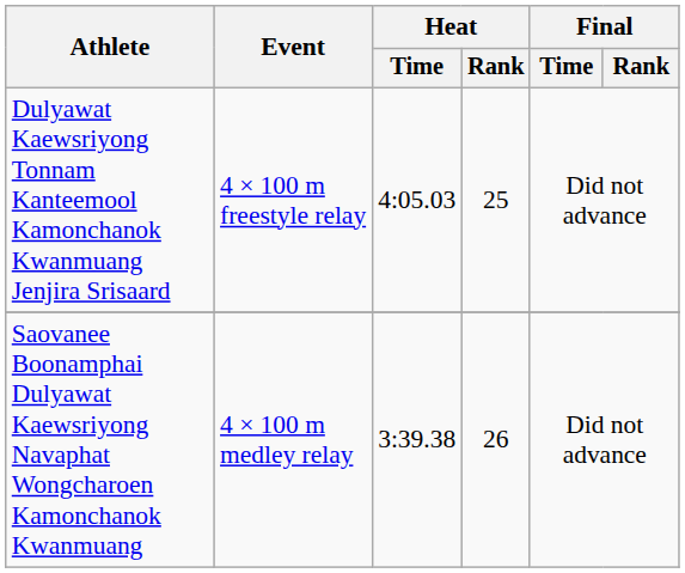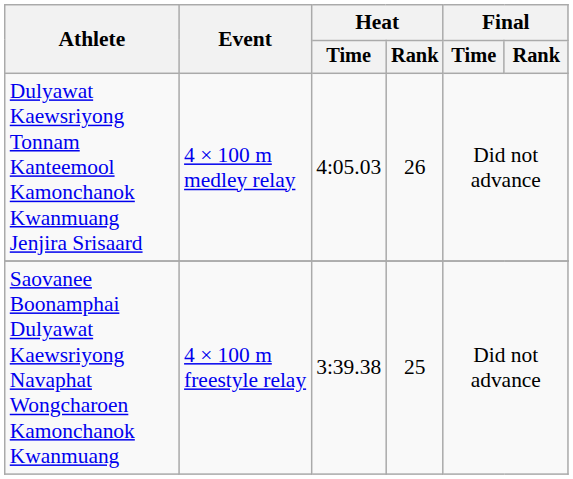 <table class="wikitable" style="text-align:center; font-size:90%; width:30%;">
 <tr>
 <th rowspan="2">Athlete</th>
 <th rowspan="2">Event</th>
 <th colspan="2">Heat</th>
 <th colspan="2">Final</th>
 </tr>
 <tr style="font-size:95%">
 <th>Time</th>
 <th>Rank</th>
 <th>Time</th>
 <th>Rank</th>
 </tr>
 <tr>
 <td align=left><a href='#'>Dulyawat Kaewsriyong</a> <br><a href='#'>Tonnam Kanteemool</a> <br><a href='#'>Kamonchanok Kwanmuang</a> <br><a href='#'>Jenjira Srisaard</a></td>
-<td align=left><a href='#'>4 × 100 m freestyle relay</a></td>
+<td align=left><a href='#'>4 × 100 m medley relay</a></td>
 <td>4:05.03</td>
-<td>25</td>
+<td>26</td>
 <td colspan=2>Did not advance</td>
 </tr>
 <tr>
 </tr>
 <tr>
 <td align=left><a href='#'>Saovanee Boonamphai</a> <br><a href='#'>Dulyawat Kaewsriyong</a> <br><a href='#'>Navaphat Wongcharoen</a> <br><a href='#'>Kamonchanok Kwanmuang</a></td>
-<td align=left><a href='#'>4 × 100 m medley relay</a></td>
+<td align=left><a href='#'>4 × 100 m freestyle relay</a></td>
 <td>3:39.38</td>
-<td>26</td>
+<td>25</td>
 <td colspan="2">Did not advance</td>
 </tr>
 </table>
